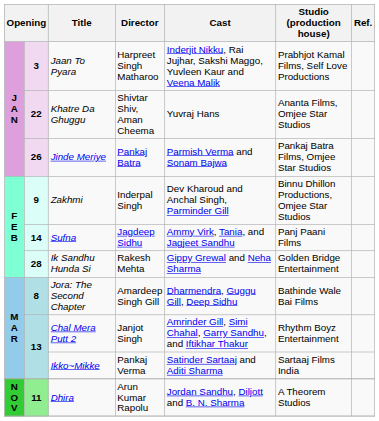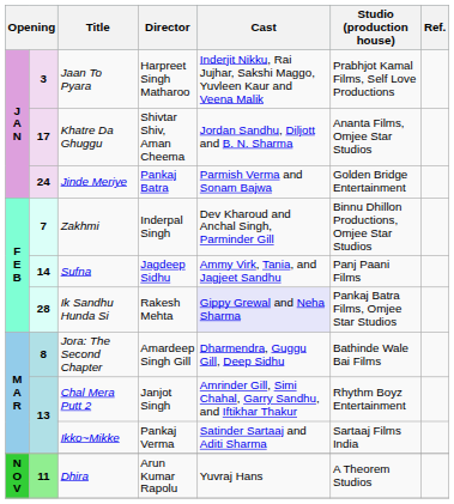 <table class="wikitable">
 <tr style="background:#b0e0e6; text-align:center;">
 <th colspan="2" style="width:6%;"><strong>Opening</strong></th>
 <th style="width:18%;"><strong>Title</strong></th>
 <th style="width:10.5%;"><strong>Director</strong></th>
 <th style="width:30%;"><strong>Cast</strong></th>
 <th>Studio (production house)</th>
 <th>Ref.</th>
 </tr>
 <tr January>
 <td rowspan="3" style="text-align:center; background:plum; textcolor:#000;"><strong>J<br>A<br>N</strong></td>
 <td rowspan="1" style="text-align:center;background:#f1daf1;"><strong>3</strong></td>
 <td><em>Jaan To Pyara</em></td>
 <td>Harpreet Singh Matharoo</td>
 <td><a href='#'>Inderjit Nikku</a>, Rai Jujhar, Sakshi Maggo, Yuvleen Kaur and <a href='#'>Veena Malik</a></td>
 <td>Prabhjot Kamal Films, Self Love Productions</td>
 <td></td>
 </tr>
 <tr>
-<td rowspan="1" style="text-align:center;background:#f1daf1;"><strong>22</strong></td>
+<td rowspan="1" style="text-align:center;background:#f1daf1;"><strong>17</strong></td>
 <td><em>Khatre Da Ghuggu</em></td>
 <td>Shivtar Shiv, Aman Cheema</td>
-<td>Yuvraj Hans</td>
+<td><a href='#'>Jordan Sandhu</a>, <a href='#'>Diljott</a> and <a href='#'>B. N. Sharma</a></td>
 <td>Ananta Films, Omjee Star Studios</td>
 <td></td>
 </tr>
 <tr>
-<td rowspan="1" style="text-align:center;background:#f1daf1;"><strong>26</strong></td>
+<td rowspan="1" style="text-align:center;background:#f1daf1;"><strong>24</strong></td>
 <td><em><a href='#'>Jinde Meriye</a></em></td>
 <td><a href='#'>Pankaj Batra</a></td>
 <td><a href='#'>Parmish Verma</a> and <a href='#'>Sonam Bajwa</a></td>
-<td>Pankaj Batra Films, Omjee Star Studios</td>
+<td>Golden Bridge Entertainment</td>
 <td></td>
 </tr>
 <tr February>
 <td rowspan="3" style="text-align:center; background:#7FFFD4; textcolor:#000;"><strong>F<br>E<br>B</strong></td>
-<td rowspan="1" style="text-align:center;background:#dbfff8;"><strong>9</strong></td>
+<td rowspan="1" style="text-align:center;background:#dbfff8;"><strong>7</strong></td>
 <td><em>Zakhmi</em></td>
 <td>Inderpal Singh</td>
 <td>Dev Kharoud and Anchal Singh, <a href='#'>Parminder Gill</a></td>
 <td>Binnu Dhillon Productions, Omjee Star Studios</td>
 <td></td>
 </tr>
 <tr>
 <td rowspan="1" style="text-align:center;background:#dbfff8;"><strong>14</strong></td>
 <td><em><a href='#'>Sufna</a></em></td>
 <td><a href='#'>Jagdeep Sidhu</a></td>
 <td><a href='#'>Ammy Virk</a>, <a href='#'>Tania</a>, and <a href='#'>Jagjeet Sandhu</a></td>
 <td>Panj Paani Films</td>
 <td></td>
 </tr>
 <tr>
 <td rowspan="1" style="text-align:center;background:#dbfff8;"><strong>28</strong></td>
 <td><em>Ik Sandhu Hunda Si</em></td>
 <td>Rakesh Mehta</td>
-<td><a href='#'>Gippy Grewal</a> and <a href='#'>Neha Sharma</a></td>
-<td>Golden Bridge Entertainment</td>
+<td style="background: lavender;"><a href='#'>Gippy Grewal</a> and <a href='#'>Neha Sharma</a></td>
+<td>Pankaj Batra Films, Omjee Star Studios</td>
 <td></td>
 </tr>
 <tr March>
 <td rowspan="3" style="text-align:center; background:#93CCEA; textcolor:#000;"><strong>M<br>A<br>R</strong></td>
 <td rowspan="1" style="text-align:center;background:#B0E0E6;"><strong>8</strong></td>
 <td><em>Jora: The Second Chapter</em></td>
 <td>Amardeep Singh Gill</td>
 <td><a href='#'>Dharmendra</a>, <a href='#'>Guggu Gill</a>, <a href='#'>Deep Sidhu</a></td>
 <td>Bathinde Wale Bai Films</td>
 <td></td>
 </tr>
 <tr>
 <td rowspan="2" style="text-align:center;background:#B0E0E6;"><strong>13</strong></td>
 <td><em><a href='#'>Chal Mera Putt 2</a></em></td>
 <td>Janjot Singh</td>
 <td><a href='#'>Amrinder Gill</a>, <a href='#'>Simi Chahal</a>, <a href='#'>Garry Sandhu</a>, and <a href='#'>Iftikhar Thakur</a></td>
 <td>Rhythm Boyz Entertainment</td>
 <td></td>
 </tr>
 <tr>
 <td><em><a href='#'>Ikko~Mikke</a></em></td>
 <td>Pankaj Verma</td>
 <td><a href='#'>Satinder Sartaaj</a> and <a href='#'>Aditi Sharma</a></td>
 <td>Sartaaj Films India</td>
 <td></td>
 </tr>
 <tr>
 </tr>
 <tr November>
 <td rowspan="1" style="text-align:center; background:#32CD35; textcolor:#000;"><strong>N<br>O<br>V</strong></td>
 <td rowspan="1" style="text-align:center;background:#90EE90;"><strong>11</strong></td>
 <td><em><a href='#'>Dhira</a></em></td>
 <td>Arun Kumar Rapolu</td>
-<td><a href='#'>Jordan Sandhu</a>, <a href='#'>Diljott</a> and <a href='#'>B. N. Sharma</a></td>
+<td>Yuvraj Hans</td>
 <td>A Theorem Studios</td>
 <td></td>
 </tr>
 <tr>
 </tr>
 </table>
